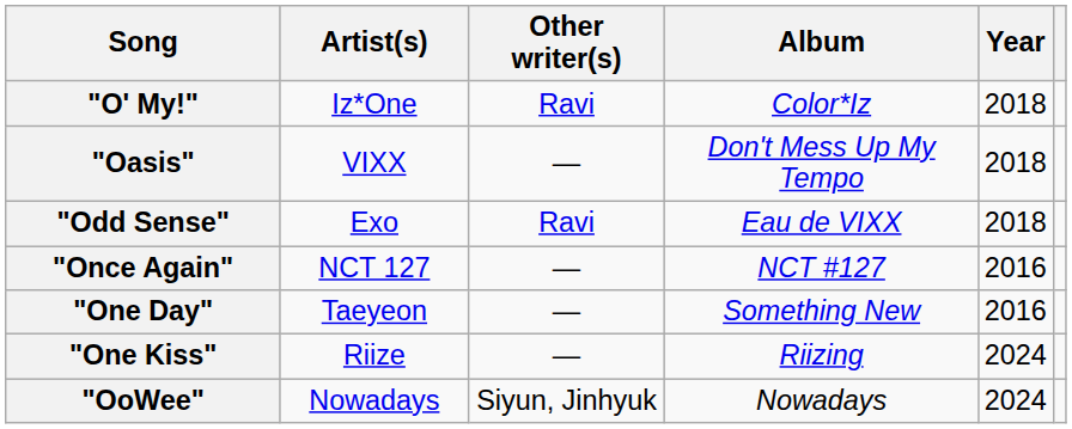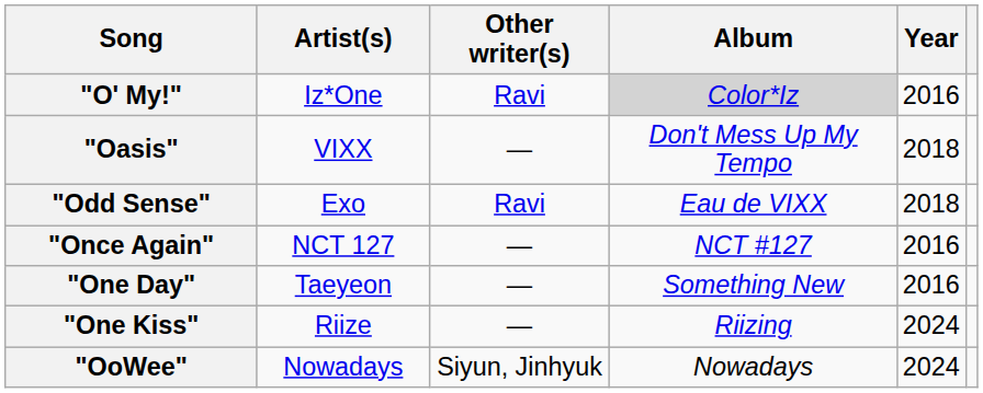 <table class="wikitable sortable plainrowheaders" style="text-align:center;">
 <tr>
 <th scope="col" width="150">Song</th>
 <th scope="col" width="100">Artist(s)</th>
 <th scope="col" class="unsortable">Other writer(s)</th>
 <th scope="col" data-sort-type="text">Album</th>
 <th scope="col">Year</th>
 <th scope="col" class="unsortable"></th>
 </tr>
 <tr>
 <th scope="row">"O' My!"</th>
 <td><a href='#'>Iz*One</a></td>
 <td><a href='#'>Ravi</a></td>
-<td><em><a href='#'>Color*Iz</a></em></td>
-<td>2018</td>
+<td style="background: lightgrey;"><em><a href='#'>Color*Iz</a></em></td>
+<td>2016</td>
 <td style="text-align:center;"></td>
 </tr>
 <tr>
 <th scope="row">"Oasis"</th>
 <td><a href='#'>VIXX</a></td>
 <td>—</td>
 <td><em><a href='#'>Don't Mess Up My Tempo</a></em></td>
 <td>2018</td>
 <td style="text-align:center;"></td>
 </tr>
 <tr>
 <th scope="row">"Odd Sense"</th>
 <td><a href='#'>Exo</a></td>
 <td><a href='#'>Ravi</a></td>
 <td><em><a href='#'>Eau de VIXX</a></em></td>
 <td>2018</td>
 <td style="text-align:center;"></td>
 </tr>
 <tr>
 <th scope="row">"Once Again"</th>
 <td><a href='#'>NCT 127</a></td>
 <td>—</td>
 <td><em><a href='#'>NCT #127</a></em></td>
 <td>2016</td>
 <td style="text-align:center;"></td>
 </tr>
 <tr>
 <th scope="row">"One Day"</th>
 <td><a href='#'>Taeyeon</a></td>
 <td>—</td>
 <td><em><a href='#'>Something New</a></em></td>
 <td>2016</td>
 <td style="text-align:center;"></td>
 </tr>
 <tr>
 <th scope="row">"One Kiss"</th>
 <td><a href='#'>Riize</a></td>
 <td>—</td>
 <td><em><a href='#'>Riizing</a></em></td>
 <td>2024</td>
 <td style="text-align:center;"></td>
 </tr>
 <tr>
 <th scope="row">"OoWee"</th>
 <td><a href='#'>Nowadays</a></td>
 <td>Siyun, Jinhyuk</td>
 <td><em>Nowadays</em></td>
 <td>2024</td>
 <td style="text-align:center;"></td>
 </tr>
 </table>
